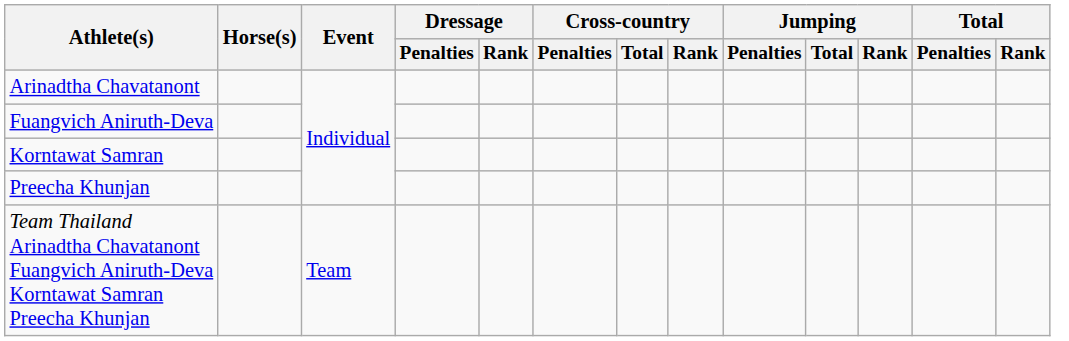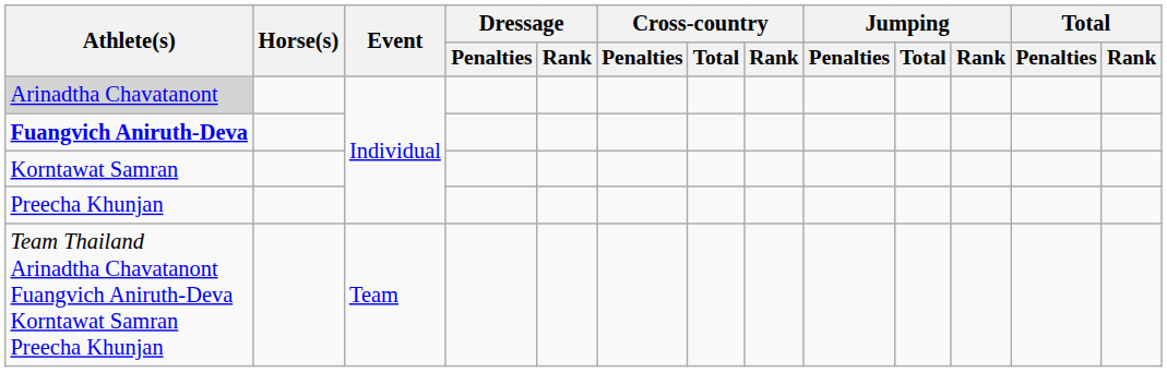 <table class=wikitable style="font-size:90%">
 <tr>
 <th rowspan="2">Athlete(s)</th>
 <th rowspan="2">Horse(s)</th>
 <th rowspan="2">Event</th>
 <th colspan="2">Dressage</th>
 <th colspan="3">Cross-country</th>
 <th colspan="3">Jumping</th>
 <th colspan="2">Total</th>
 </tr>
 <tr style="font-size:95%">
 <th>Penalties</th>
 <th>Rank</th>
 <th>Penalties</th>
 <th>Total</th>
 <th>Rank</th>
 <th>Penalties</th>
 <th>Total</th>
 <th>Rank</th>
 <th>Penalties</th>
 <th>Rank</th>
 </tr>
 <tr align=center>
-<td align=left><a href='#'>Arinadtha Chavatanont</a></td>
+<td align=left style="background: lightgrey;"><a href='#'>Arinadtha Chavatanont</a></td>
 <td></td>
 <td rowspan=4 align=left><a href='#'>Individual</a></td>
 <td></td>
 <td></td>
 <td></td>
 <td></td>
 <td></td>
 <td></td>
 <td></td>
 <td></td>
 <td></td>
 <td></td>
 </tr>
 <tr align=center>
-<td align=left><a href='#'>Fuangvich Aniruth-Deva</a></td>
+<td align=left><strong><a href='#'>Fuangvich Aniruth-Deva</a></strong></td>
 <td></td>
 <td></td>
 <td></td>
 <td></td>
 <td></td>
 <td></td>
 <td></td>
 <td></td>
 <td></td>
 <td></td>
 <td></td>
 </tr>
 <tr align=center>
 <td align=left><a href='#'>Korntawat Samran</a></td>
 <td></td>
 <td></td>
 <td></td>
 <td></td>
 <td></td>
 <td></td>
 <td></td>
 <td></td>
 <td></td>
 <td></td>
 <td></td>
 </tr>
 <tr align=center>
 <td align=left><a href='#'>Preecha Khunjan</a></td>
 <td></td>
 <td></td>
 <td></td>
 <td></td>
 <td></td>
 <td></td>
 <td></td>
 <td></td>
 <td></td>
 <td></td>
 <td></td>
 </tr>
 <tr align=center>
 <td align=left><em>Team Thailand</em><br><a href='#'>Arinadtha Chavatanont</a><br><a href='#'>Fuangvich Aniruth-Deva</a><br><a href='#'>Korntawat Samran</a><br><a href='#'>Preecha Khunjan</a></td>
 <td></td>
 <td align=left><a href='#'>Team</a></td>
 <td></td>
 <td></td>
 <td></td>
 <td></td>
 <td></td>
 <td></td>
 <td></td>
 <td></td>
 <td></td>
 <td></td>
 </tr>
 </table>
